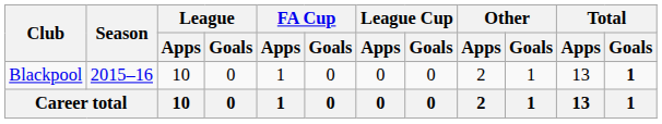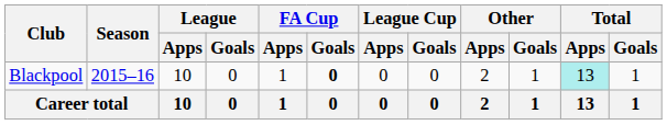 <table class="wikitable" style="text-align: center;">
 <tr>
 <th rowspan="2">Club</th>
 <th rowspan="2">Season</th>
 <th colspan="2">League</th>
 <th colspan="2"><a href='#'>FA Cup</a></th>
 <th colspan="2">League Cup</th>
 <th colspan="2">Other</th>
 <th colspan="2">Total</th>
 </tr>
 <tr>
 <th>Apps</th>
 <th>Goals</th>
 <th>Apps</th>
 <th>Goals</th>
 <th>Apps</th>
 <th>Goals</th>
 <th>Apps</th>
 <th>Goals</th>
 <th>Apps</th>
 <th>Goals</th>
 </tr>
 <tr>
 <td><a href='#'>Blackpool</a></td>
 <td><a href='#'>2015–16</a></td>
 <td>10</td>
 <td>0</td>
 <td>1</td>
-<td>0</td>
+<td><strong>0</strong></td>
 <td>0</td>
 <td>0</td>
 <td>2</td>
 <td>1</td>
-<td>13</td>
-<td><strong>1</strong></td>
+<td style="background: paleturquoise;">13</td>
+<td>1</td>
 </tr>
 <tr>
 <th colspan="2">Career total</th>
 <th>10</th>
 <th>0</th>
 <th>1</th>
 <th>0</th>
 <th>0</th>
 <th>0</th>
 <th>2</th>
 <th>1</th>
 <th>13</th>
 <th>1</th>
 </tr>
 </table>
